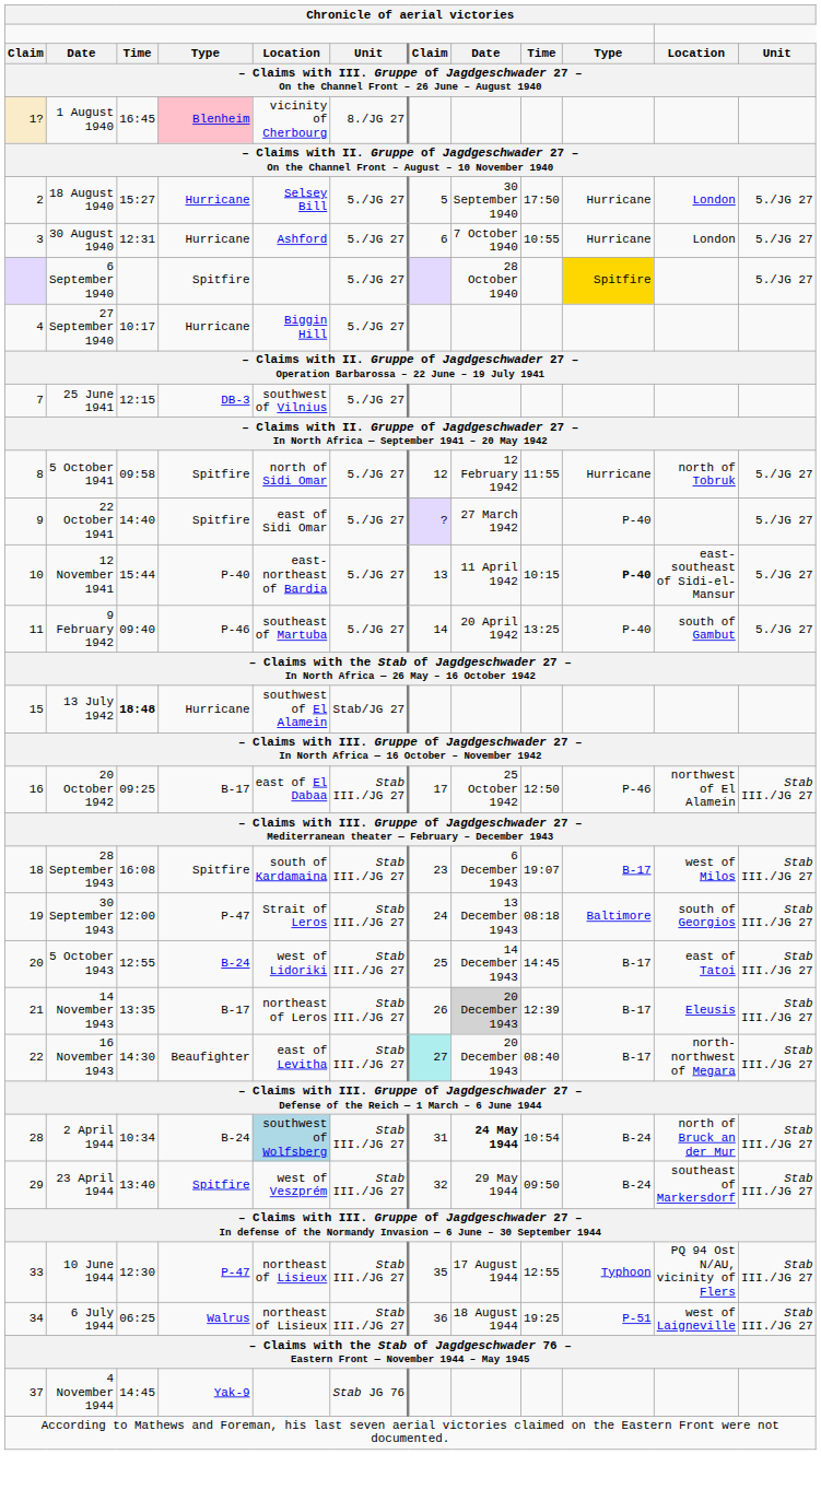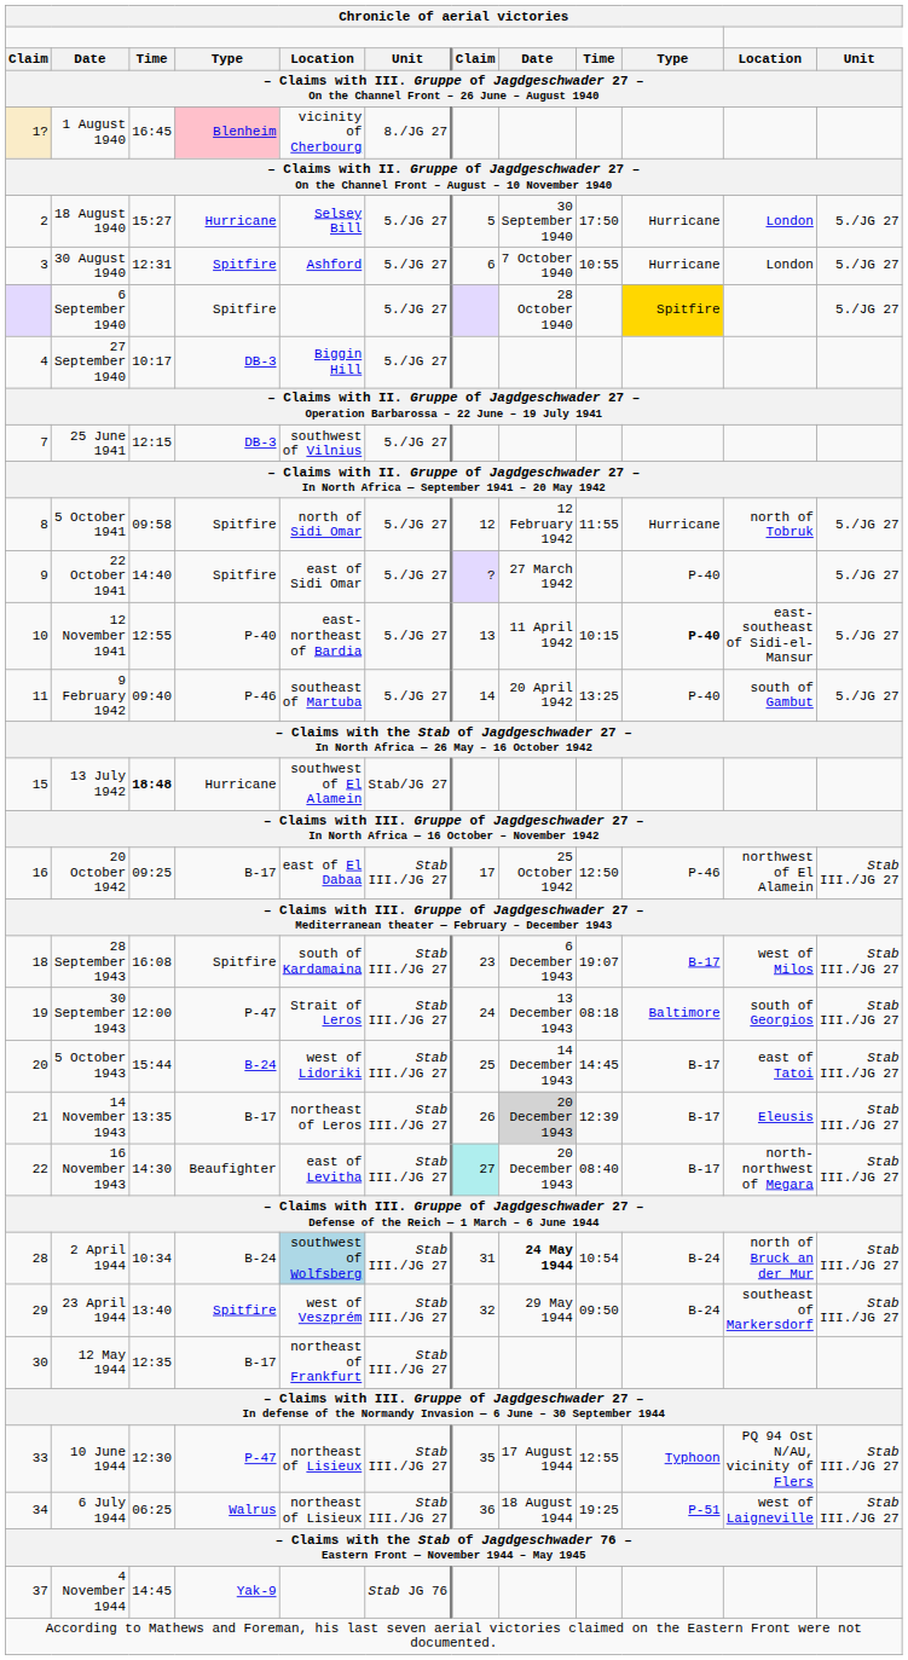 <table class="wikitable plainrowheaders collapsible" style="margin-left: auto; margin-right: auto; border: none; text-align:right; width: 100%;">
 <tr>
 <th colspan="12">Chronicle of aerial victories</th>
 </tr>
 <tr>
 <td colspan="10" style="text-align: left;"><br> </td>
 </tr>
 <tr>
 <th scope="col">Claim</th>
 <th scope="col">Date</th>
 <th scope="col">Time</th>
 <th scope="col" width="100px">Type</th>
 <th scope="col">Location</th>
 <th scope="col">Unit</th>
 <th scope="col" style="border-left: 3px solid grey;">Claim</th>
 <th scope="col">Date</th>
 <th scope="col">Time</th>
 <th scope="col" width="100px">Type</th>
 <th scope="col">Location</th>
 <th scope="col">Unit</th>
 </tr>
 <tr>
 <th colspan="12">– Claims with III. <em>Gruppe</em> of <em>Jagdgeschwader</em> 27 –<br><small>On the Channel Front – 26 June – August 1940</small></th>
 </tr>
 <tr>
 <td style="background:#faecc8">1?</td>
 <td>1 August 1940</td>
 <td>16:45</td>
 <td style="background: pink;"><a href='#'>Blenheim</a></td>
 <td>vicinity of <a href='#'>Cherbourg</a></td>
 <td>8./JG 27</td>
 <td style="border-left: 3px solid grey;"></td>
 <td></td>
 <td></td>
 <td></td>
 <td></td>
 <td></td>
 </tr>
 <tr>
 <th colspan="12">– Claims with II. <em>Gruppe</em> of <em>Jagdgeschwader</em> 27 –<br><small>On the Channel Front – August – 10 November 1940</small></th>
 </tr>
 <tr>
 <td>2</td>
 <td>18 August 1940</td>
 <td>15:27</td>
 <td><a href='#'>Hurricane</a></td>
 <td><a href='#'>Selsey Bill</a></td>
 <td>5./JG 27</td>
 <td style="border-left: 3px solid grey;">5</td>
 <td>30 September 1940</td>
 <td>17:50</td>
 <td>Hurricane</td>
 <td><a href='#'>London</a></td>
 <td>5./JG 27</td>
 </tr>
 <tr>
 <td>3</td>
 <td>30 August 1940</td>
 <td>12:31</td>
-<td>Hurricane</td>
+<td><a href='#'>Spitfire</a></td>
 <td><a href='#'>Ashford</a></td>
 <td>5./JG 27</td>
 <td style="border-left: 3px solid grey;">6</td>
 <td>7 October 1940</td>
 <td>10:55</td>
 <td>Hurricane</td>
 <td>London</td>
 <td>5./JG 27</td>
 </tr>
 <tr>
 <td style="background:#e3d9ff;"></td>
 <td>6 September 1940</td>
 <td></td>
 <td>Spitfire</td>
 <td></td>
 <td>5./JG 27</td>
 <td style="border-left: 3px solid grey; background:#e3d9ff;"></td>
 <td>28 October 1940</td>
 <td></td>
 <td style="background: gold;">Spitfire</td>
 <td></td>
 <td>5./JG 27</td>
 </tr>
 <tr>
 <td>4</td>
 <td>27 September 1940</td>
 <td>10:17</td>
-<td>Hurricane</td>
+<td><a href='#'>DB-3</a></td>
 <td><a href='#'>Biggin Hill</a></td>
 <td>5./JG 27</td>
 <td style="border-left: 3px solid grey;"></td>
 <td></td>
 <td></td>
 <td></td>
 <td></td>
 <td></td>
 </tr>
 <tr>
 <th colspan="12">– Claims with II. <em>Gruppe</em> of <em>Jagdgeschwader</em> 27 –<br><small>Operation Barbarossa – 22 June – 19 July 1941</small></th>
 </tr>
 <tr>
 <td>7</td>
 <td>25 June 1941</td>
 <td>12:15</td>
 <td><a href='#'>DB-3</a></td>
 <td>southwest of <a href='#'>Vilnius</a></td>
 <td>5./JG 27</td>
 <td style="border-left: 3px solid grey;"></td>
 <td></td>
 <td></td>
 <td></td>
 <td></td>
 <td></td>
 </tr>
 <tr>
 <th colspan="12">– Claims with II. <em>Gruppe</em> of <em>Jagdgeschwader</em> 27 –<br><small>In North Africa — September 1941 – 20 May 1942</small></th>
 </tr>
 <tr>
 <td>8</td>
 <td>5 October 1941</td>
 <td>09:58</td>
 <td>Spitfire</td>
 <td>north of <a href='#'>Sidi Omar</a></td>
 <td>5./JG 27</td>
 <td style="border-left: 3px solid grey;">12</td>
 <td>12 February 1942</td>
 <td>11:55</td>
 <td>Hurricane</td>
 <td> north of <a href='#'>Tobruk</a></td>
 <td>5./JG 27</td>
 </tr>
 <tr>
 <td>9</td>
 <td>22 October 1941</td>
 <td>14:40</td>
 <td>Spitfire</td>
 <td>east of Sidi Omar</td>
 <td>5./JG 27</td>
 <td style="border-left: 3px solid grey; background:#e3d9ff;">?</td>
 <td>27 March 1942</td>
 <td></td>
 <td>P-40</td>
 <td></td>
 <td>5./JG 27</td>
 </tr>
 <tr>
 <td>10</td>
 <td>12 November 1941</td>
-<td>15:44</td>
+<td>12:55</td>
 <td>P-40</td>
 <td>east-northeast of <a href='#'>Bardia</a></td>
 <td>5./JG 27</td>
 <td style="border-left: 3px solid grey;">13</td>
 <td>11 April 1942</td>
 <td>10:15</td>
 <td><strong>P-40</strong></td>
 <td>east-southeast of Sidi-el-Mansur</td>
 <td>5./JG 27</td>
 </tr>
 <tr>
 <td>11</td>
 <td>9 February 1942</td>
 <td>09:40</td>
 <td>P-46</td>
 <td>southeast of <a href='#'>Martuba</a></td>
 <td>5./JG 27</td>
 <td style="border-left: 3px solid grey;">14</td>
 <td>20 April 1942</td>
 <td>13:25</td>
 <td>P-40</td>
 <td> south of <a href='#'>Gambut</a></td>
 <td>5./JG 27</td>
 </tr>
 <tr>
 <th colspan="12">– Claims with the <em>Stab</em> of <em>Jagdgeschwader</em> 27 –<br><small>In North Africa — 26 May – 16 October 1942</small></th>
 </tr>
 <tr>
 <td>15</td>
 <td>13 July 1942</td>
 <td><strong>18:48</strong></td>
 <td>Hurricane</td>
 <td> southwest of <a href='#'>El Alamein</a></td>
 <td>Stab/JG 27</td>
 <td style="border-left: 3px solid grey;"></td>
 <td></td>
 <td></td>
 <td></td>
 <td></td>
 <td></td>
 </tr>
 <tr>
 <th colspan="12">– Claims with III. <em>Gruppe</em> of <em>Jagdgeschwader</em> 27 –<br><small>In North Africa — 16 October – November 1942</small></th>
 </tr>
 <tr>
 <td>16</td>
 <td>20 October 1942</td>
 <td>09:25</td>
 <td>B-17</td>
 <td>east of <a href='#'>El Dabaa</a></td>
 <td><em>Stab</em> III./JG 27</td>
 <td style="border-left: 3px solid grey;">17</td>
 <td>25 October 1942</td>
 <td>12:50</td>
 <td>P-46</td>
 <td>northwest of El Alamein</td>
 <td><em>Stab</em> III./JG 27</td>
 </tr>
 <tr>
 <th colspan="12">– Claims with III. <em>Gruppe</em> of <em>Jagdgeschwader</em> 27 –<br><small>Mediterranean theater — February – December 1943</small></th>
 </tr>
 <tr>
 <td>18</td>
 <td>28 September 1943</td>
 <td>16:08</td>
 <td>Spitfire</td>
 <td> south of <a href='#'>Kardamaina</a></td>
 <td><em>Stab</em> III./JG 27</td>
 <td style="border-left: 3px solid grey;">23</td>
 <td>6 December 1943</td>
 <td>19:07</td>
 <td><a href='#'>B-17</a></td>
 <td>west of <a href='#'>Milos</a></td>
 <td><em>Stab</em> III./JG 27</td>
 </tr>
 <tr>
 <td>19</td>
 <td>30 September 1943</td>
 <td>12:00</td>
 <td>P-47</td>
 <td>Strait of <a href='#'>Leros</a></td>
 <td><em>Stab</em> III./JG 27</td>
 <td style="border-left: 3px solid grey;">24</td>
 <td>13 December 1943</td>
 <td>08:18</td>
 <td><a href='#'>Baltimore</a></td>
 <td>south of <a href='#'>Georgios</a></td>
 <td><em>Stab</em> III./JG 27</td>
 </tr>
 <tr>
 <td>20</td>
 <td>5 October 1943</td>
-<td>12:55</td>
+<td>15:44</td>
 <td><a href='#'>B-24</a></td>
 <td> west of <a href='#'>Lidoriki</a></td>
 <td><em>Stab</em> III./JG 27</td>
 <td style="border-left: 3px solid grey;">25</td>
 <td>14 December 1943</td>
 <td>14:45</td>
 <td>B-17</td>
 <td>east of <a href='#'>Tatoi</a></td>
 <td><em>Stab</em> III./JG 27</td>
 </tr>
 <tr>
 <td>21</td>
 <td>14 November 1943</td>
 <td>13:35</td>
 <td>B-17</td>
 <td>northeast of Leros</td>
 <td><em>Stab</em> III./JG 27</td>
 <td style="border-left: 3px solid grey;">26</td>
 <td style="background: lightgrey;">20 December 1943</td>
 <td>12:39</td>
 <td>B-17</td>
 <td><a href='#'>Eleusis</a></td>
 <td><em>Stab</em> III./JG 27</td>
 </tr>
 <tr>
 <td>22</td>
 <td>16 November 1943</td>
 <td>14:30</td>
 <td>Beaufighter</td>
 <td>east of <a href='#'>Levitha</a></td>
 <td><em>Stab</em> III./JG 27</td>
 <td style="background: paleturquoise; border-left: 3px solid grey;">27</td>
 <td>20 December 1943</td>
 <td>08:40</td>
 <td>B-17</td>
 <td>north-northwest of <a href='#'>Megara</a></td>
 <td><em>Stab</em> III./JG 27</td>
 </tr>
 <tr>
 <th colspan="12">– Claims with III. <em>Gruppe</em> of <em>Jagdgeschwader</em> 27 –<br><small>Defense of the Reich — 1 March – 6 June 1944</small></th>
 </tr>
 <tr>
 <td>28</td>
 <td>2 April 1944</td>
 <td>10:34</td>
 <td>B-24</td>
 <td style="background: lightblue;">southwest of <a href='#'>Wolfsberg</a></td>
 <td><em>Stab</em> III./JG 27</td>
 <td style="border-left: 3px solid grey;">31</td>
 <td><strong>24 May 1944</strong></td>
 <td>10:54</td>
 <td>B-24</td>
 <td> north of <a href='#'>Bruck an der Mur</a></td>
 <td><em>Stab</em> III./JG 27</td>
 </tr>
 <tr>
 <td>29</td>
 <td>23 April 1944</td>
 <td>13:40</td>
 <td><a href='#'>Spitfire</a></td>
 <td>west of <a href='#'>Veszprém</a></td>
 <td><em>Stab</em> III./JG 27</td>
 <td style="border-left: 3px solid grey;">32</td>
 <td>29 May 1944</td>
 <td>09:50</td>
 <td>B-24</td>
 <td> southeast of <a href='#'>Markersdorf</a></td>
 <td><em>Stab</em> III./JG 27</td>
 </tr>
 <tr>
+<td>30</td>
+<td>12 May 1944</td>
+<td>12:35</td>
+<td>B-17</td>
+<td> northeast of <a href='#'>Frankfurt</a></td>
+<td><em>Stab</em> III./JG 27</td>
+<td style="border-left: 3px solid grey;"></td>
+<td></td>
+<td></td>
+<td></td>
+<td></td>
+<td></td>
+</tr>
+<tr>
 <th colspan="12">– Claims with III. <em>Gruppe</em> of <em>Jagdgeschwader</em> 27 –<br><small>In defense of the Normandy Invasion — 6 June – 30 September 1944</small></th>
 </tr>
 <tr>
 <td>33</td>
 <td>10 June 1944</td>
 <td>12:30</td>
 <td><a href='#'>P-47</a></td>
 <td>northeast of <a href='#'>Lisieux</a></td>
 <td><em>Stab</em> III./JG 27</td>
 <td style="border-left: 3px solid grey;">35</td>
 <td>17 August 1944</td>
 <td>12:55</td>
 <td><a href='#'>Typhoon</a></td>
 <td>PQ 94 Ost N/AU, vicinity of <a href='#'>Flers</a></td>
 <td><em>Stab</em> III./JG 27</td>
 </tr>
 <tr>
 <td>34</td>
 <td>6 July 1944</td>
 <td>06:25</td>
 <td><a href='#'>Walrus</a></td>
 <td> northeast of Lisieux</td>
 <td><em>Stab</em> III./JG 27</td>
 <td style="border-left: 3px solid grey;">36</td>
 <td>18 August 1944</td>
 <td>19:25</td>
 <td><a href='#'>P-51</a></td>
 <td> west of <a href='#'>Laigneville</a></td>
 <td><em>Stab</em> III./JG 27</td>
 </tr>
 <tr>
 <th colspan="12">– Claims with the <em>Stab</em> of <em>Jagdgeschwader</em> 76 –<br><small>Eastern Front — November 1944 – May 1945</small></th>
 </tr>
 <tr>
 <td>37</td>
 <td>4 November 1944</td>
 <td>14:45</td>
 <td><a href='#'>Yak-9</a></td>
 <td></td>
 <td><em>Stab</em> JG 76</td>
 <td style="border-left: 3px solid grey;"></td>
 <td></td>
 <td></td>
 <td></td>
 <td></td>
 <td></td>
 </tr>
 <tr>
 <td colspan="12" style="text-align: center">According to Mathews and Foreman, his last seven aerial victories claimed on the Eastern Front were not documented.</td>
 </tr>
 <tr>
 </tr>
 </table>
